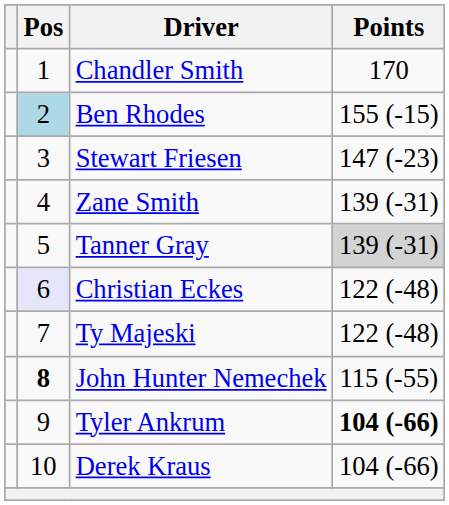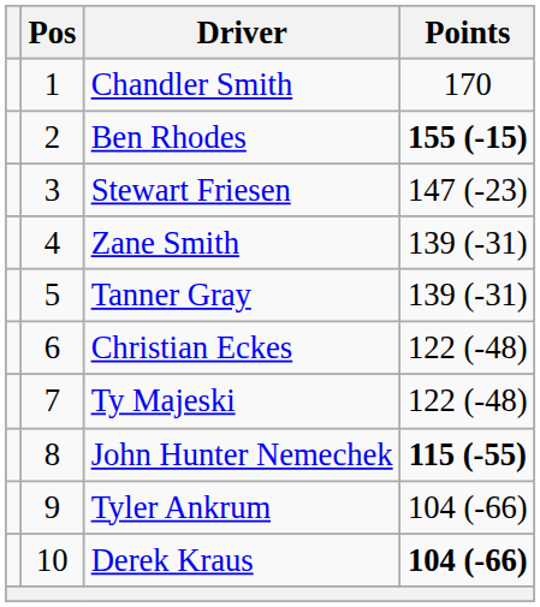 <table class="wikitable" style="font-size: 95%;">
 <tr>
 <th></th>
 <th>Pos</th>
 <th>Driver</th>
 <th>Points</th>
 </tr>
 <tr>
 <td align="left"></td>
 <td style="text-align:center;">1</td>
 <td><a href='#'>Chandler Smith</a></td>
 <td style="text-align:center;">170</td>
 </tr>
 <tr>
 <td align="left"></td>
-<td style="background: lightblue; text-align:center;">2</td>
+<td style="text-align:center;">2</td>
 <td><a href='#'>Ben Rhodes</a></td>
-<td style="text-align:center;">155 (-15)</td>
+<td style="text-align:center;"><strong>155 (-15)</strong></td>
 </tr>
 <tr>
 <td align="left"></td>
 <td style="text-align:center;">3</td>
 <td><a href='#'>Stewart Friesen</a></td>
 <td style="text-align:center;">147 (-23)</td>
 </tr>
 <tr>
 <td align="left"></td>
 <td style="text-align:center;">4</td>
 <td><a href='#'>Zane Smith</a></td>
 <td style="text-align:center;">139 (-31)</td>
 </tr>
 <tr>
 <td align="left"></td>
 <td style="text-align:center;">5</td>
 <td><a href='#'>Tanner Gray</a></td>
-<td style="background: lightgrey; text-align:center;">139 (-31)</td>
+<td style="text-align:center;">139 (-31)</td>
 </tr>
 <tr>
 <td align="left"></td>
-<td style="background: lavender; text-align:center;">6</td>
+<td style="text-align:center;">6</td>
 <td><a href='#'>Christian Eckes</a></td>
 <td style="text-align:center;">122 (-48)</td>
 </tr>
 <tr>
 <td align="left"></td>
 <td style="text-align:center;">7</td>
 <td><a href='#'>Ty Majeski</a></td>
 <td style="text-align:center;">122 (-48)</td>
 </tr>
 <tr>
 <td align="left"></td>
-<td style="text-align:center;"><strong>8</strong></td>
+<td style="text-align:center;">8</td>
 <td><a href='#'>John Hunter Nemechek</a></td>
-<td style="text-align:center;">115 (-55)</td>
+<td style="text-align:center;"><strong>115 (-55)</strong></td>
 </tr>
 <tr>
 <td align="left"></td>
 <td style="text-align:center;">9</td>
 <td><a href='#'>Tyler Ankrum</a></td>
-<td style="text-align:center;"><strong>104 (-66)</strong></td>
+<td style="text-align:center;">104 (-66)</td>
 </tr>
 <tr>
 <td align="left"></td>
 <td style="text-align:center;">10</td>
 <td><a href='#'>Derek Kraus</a></td>
-<td style="text-align:center;">104 (-66)</td>
+<td style="text-align:center;"><strong>104 (-66)</strong></td>
 </tr>
 <tr class="sortbottom">
 <th colspan="9"></th>
 </tr>
 </table>
